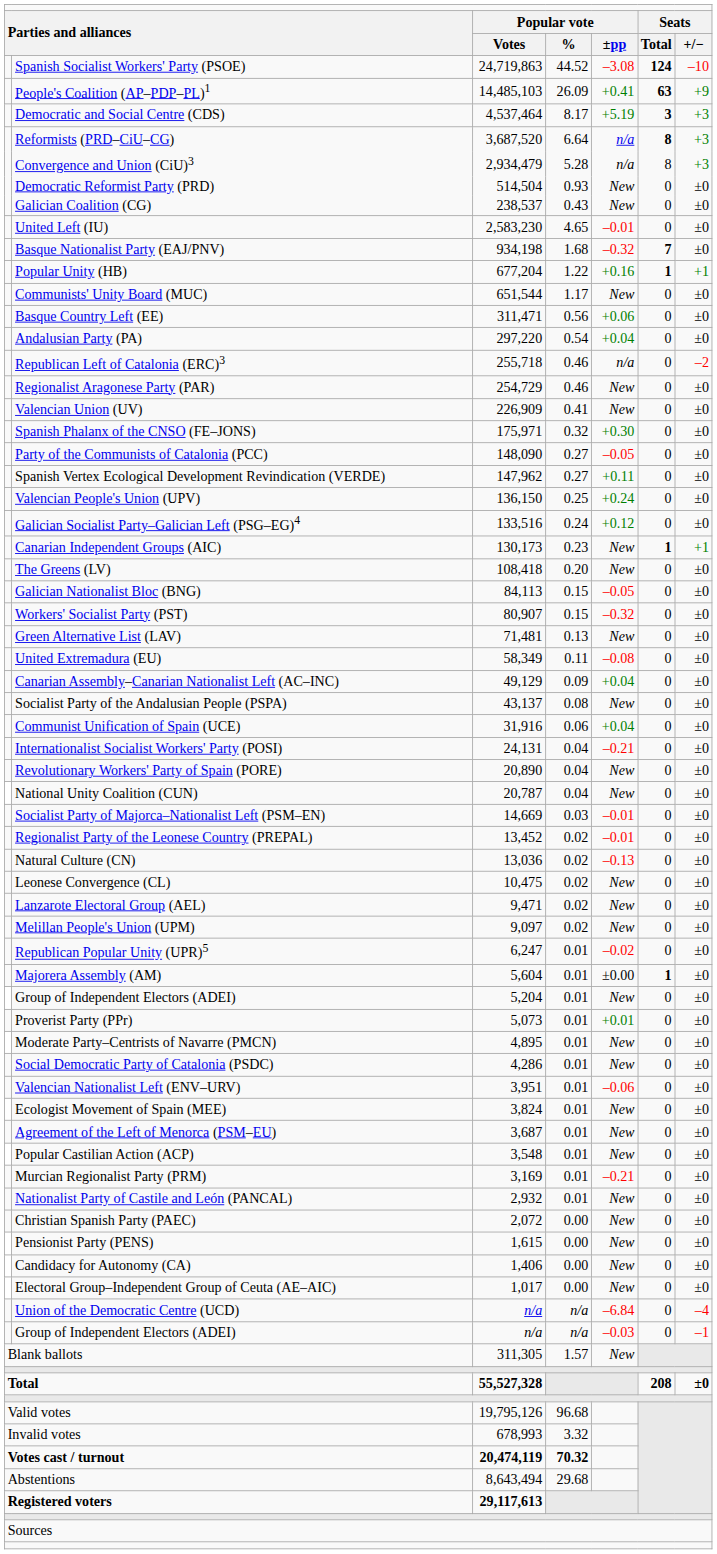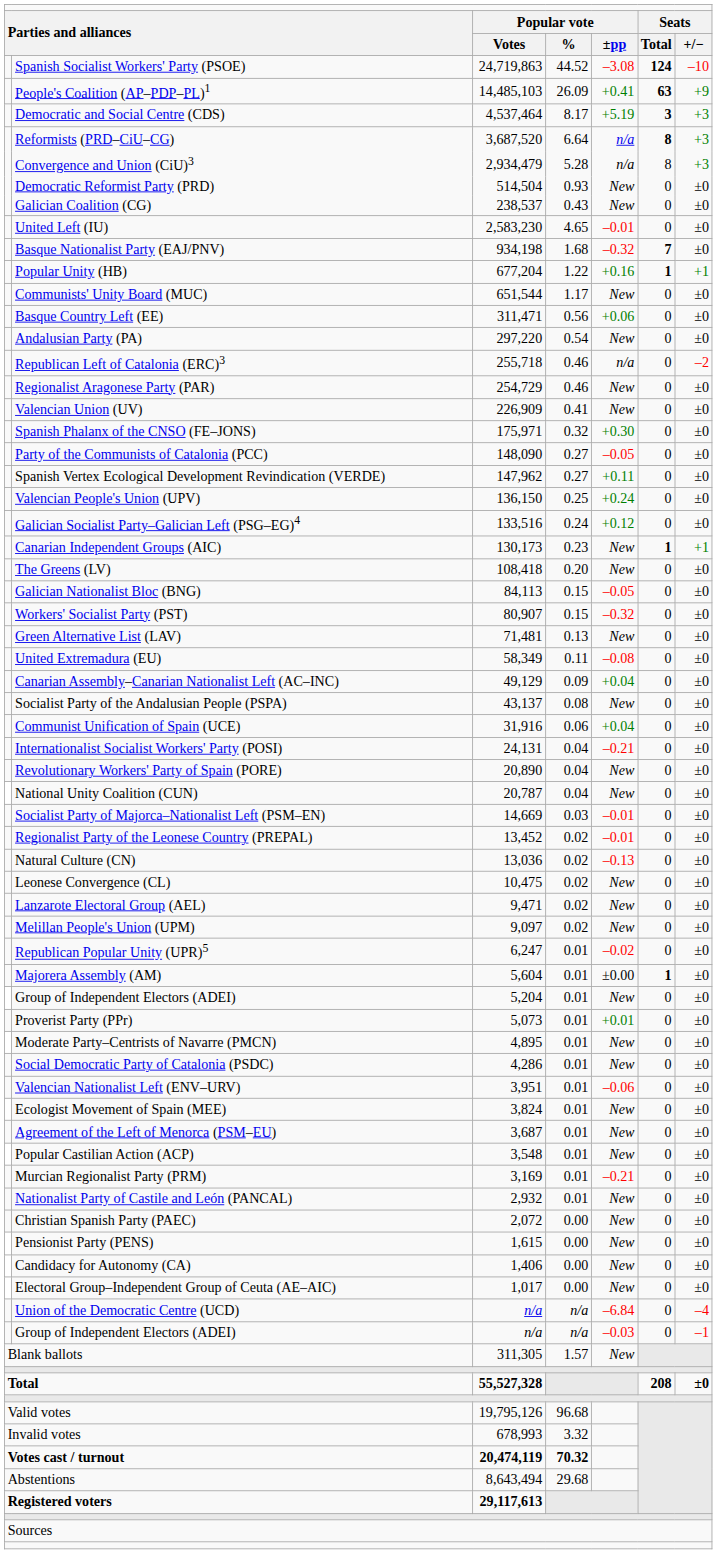 <table class="wikitable" style="text-align:right;">
 <tr>
 <td colspan="7"></td>
 </tr>
 <tr>
 <th style="text-align:left;" rowspan="2" colspan="2" width="525">Parties and alliances</th>
 <th colspan="3">Popular vote</th>
 <th colspan="2">Seats</th>
 </tr>
 <tr>
 <th width="75">Votes</th>
 <th width="45">%</th>
 <th width="45">±<a href='#'>pp</a></th>
 <th width="35">Total</th>
 <th width="35">+/−</th>
 </tr>
 <tr>
 <td width="1" style="color:inherit;background:"></td>
 <td align="left"><a href='#'>Spanish Socialist Workers' Party</a> (PSOE)</td>
 <td>24,719,863</td>
 <td>44.52</td>
 <td style="color:red;">–3.08</td>
 <td><strong>124</strong></td>
 <td style="color:red;">–10</td>
 </tr>
 <tr>
 <td style="color:inherit;background:"></td>
 <td align="left"><a href='#'>People's Coalition</a> (<a href='#'>AP</a>–<a href='#'>PDP</a>–<a href='#'>PL</a>)<sup>1</sup></td>
 <td>14,485,103</td>
 <td>26.09</td>
 <td style="color:green;">+0.41</td>
 <td><strong>63</strong></td>
 <td style="color:green;">+9</td>
 </tr>
 <tr>
 <td style="color:inherit;background:"></td>
 <td align="left"><a href='#'>Democratic and Social Centre</a> (CDS)</td>
 <td>4,537,464</td>
 <td>8.17</td>
 <td style="color:green;">+5.19</td>
 <td><strong>3</strong></td>
 <td style="color:green;">+3</td>
 </tr>
 <tr style="line-height:22px;">
 <td rowspan="4" style="color:inherit;background:"></td>
 <td align="left"><a href='#'>Reformists</a> (<a href='#'>PRD</a>–<a href='#'>CiU</a>–<a href='#'>CG</a>)</td>
 <td>3,687,520</td>
 <td>6.64</td>
 <td><em><a href='#'>n/a</a></em></td>
 <td><strong>8</strong></td>
 <td style="color:green;">+3</td>
 </tr>
 <tr style="border-bottom-style:hidden; border-top-style:hidden; line-height:16px;">
 <td align="left"><span><a href='#'>Convergence and Union</a> (CiU)<sup>3</sup></span></td>
 <td>2,934,479</td>
 <td>5.28</td>
 <td><em>n/a</em></td>
 <td>8</td>
 <td style="color:green;">+3</td>
 </tr>
 <tr style="border-bottom-style:hidden; line-height:16px;">
 <td align="left"><span><a href='#'>Democratic Reformist Party</a> (PRD)</span></td>
 <td>514,504</td>
 <td>0.93</td>
 <td><em>New</em></td>
 <td>0</td>
 <td>±0</td>
 </tr>
 <tr style="line-height:16px;">
 <td align="left"><span><a href='#'>Galician Coalition</a> (CG)</span></td>
 <td>238,537</td>
 <td>0.43</td>
 <td><em>New</em></td>
 <td>0</td>
 <td>±0</td>
 </tr>
 <tr>
 <td style="color:inherit;background:"></td>
 <td align="left"><a href='#'>United Left</a> (IU)</td>
 <td>2,583,230</td>
 <td>4.65</td>
 <td style="color:red;">–0.01</td>
 <td>0</td>
 <td>±0</td>
 </tr>
 <tr>
 <td style="color:inherit;background:"></td>
 <td align="left"><a href='#'>Basque Nationalist Party</a> (EAJ/PNV)</td>
 <td>934,198</td>
 <td>1.68</td>
 <td style="color:red;">–0.32</td>
 <td><strong>7</strong></td>
 <td>±0</td>
 </tr>
 <tr>
 <td style="color:inherit;background:"></td>
 <td align="left"><a href='#'>Popular Unity</a> (HB)</td>
 <td>677,204</td>
 <td>1.22</td>
 <td style="color:green;">+0.16</td>
 <td><strong>1</strong></td>
 <td style="color:green;">+1</td>
 </tr>
 <tr>
 <td style="color:inherit;background:"></td>
 <td align="left"><a href='#'>Communists' Unity Board</a> (MUC)</td>
 <td>651,544</td>
 <td>1.17</td>
 <td><em>New</em></td>
 <td>0</td>
 <td>±0</td>
 </tr>
 <tr>
 <td style="color:inherit;background:"></td>
 <td align="left"><a href='#'>Basque Country Left</a> (EE)</td>
 <td>311,471</td>
 <td>0.56</td>
 <td style="color:green;">+0.06</td>
 <td>0</td>
 <td>±0</td>
 </tr>
 <tr>
 <td style="color:inherit;background:"></td>
 <td align="left"><a href='#'>Andalusian Party</a> (PA)</td>
 <td>297,220</td>
 <td>0.54</td>
-<td style="color:green;">+0.04</td>
+<td><em>New</em></td>
 <td>0</td>
 <td>±0</td>
 </tr>
 <tr>
 <td style="color:inherit;background:"></td>
 <td align="left"><a href='#'>Republican Left of Catalonia</a> (ERC)<sup>3</sup></td>
 <td>255,718</td>
 <td>0.46</td>
 <td><em>n/a</em></td>
 <td>0</td>
 <td style="color:red;">–2</td>
 </tr>
 <tr>
 <td style="color:inherit;background:"></td>
 <td align="left"><a href='#'>Regionalist Aragonese Party</a> (PAR)</td>
 <td>254,729</td>
 <td>0.46</td>
 <td><em>New</em></td>
 <td>0</td>
 <td>±0</td>
 </tr>
 <tr>
 <td style="color:inherit;background:"></td>
 <td align="left"><a href='#'>Valencian Union</a> (UV)</td>
 <td>226,909</td>
 <td>0.41</td>
 <td><em>New</em></td>
 <td>0</td>
 <td>±0</td>
 </tr>
 <tr>
 <td style="color:inherit;background:"></td>
 <td align="left"><a href='#'>Spanish Phalanx of the CNSO</a> (FE–JONS)</td>
 <td>175,971</td>
 <td>0.32</td>
 <td style="color:green;">+0.30</td>
 <td>0</td>
 <td>±0</td>
 </tr>
 <tr>
 <td style="color:inherit;background:"></td>
 <td align="left"><a href='#'>Party of the Communists of Catalonia</a> (PCC)</td>
 <td>148,090</td>
 <td>0.27</td>
 <td style="color:red;">–0.05</td>
 <td>0</td>
 <td>±0</td>
 </tr>
 <tr>
 <td style="color:inherit;background:"></td>
 <td align="left">Spanish Vertex Ecological Development Revindication (VERDE)</td>
 <td>147,962</td>
 <td>0.27</td>
 <td style="color:green;">+0.11</td>
 <td>0</td>
 <td>±0</td>
 </tr>
 <tr>
 <td style="color:inherit;background:"></td>
 <td align="left"><a href='#'>Valencian People's Union</a> (UPV)</td>
 <td>136,150</td>
 <td>0.25</td>
 <td style="color:green;">+0.24</td>
 <td>0</td>
 <td>±0</td>
 </tr>
 <tr>
 <td style="color:inherit;background:"></td>
 <td align="left"><a href='#'>Galician Socialist Party–Galician Left</a> (PSG–EG)<sup>4</sup></td>
 <td>133,516</td>
 <td>0.24</td>
 <td style="color:green;">+0.12</td>
 <td>0</td>
 <td>±0</td>
 </tr>
 <tr>
 <td style="color:inherit;background:"></td>
 <td align="left"><a href='#'>Canarian Independent Groups</a> (AIC)</td>
 <td>130,173</td>
 <td>0.23</td>
 <td><em>New</em></td>
 <td><strong>1</strong></td>
 <td style="color:green;">+1</td>
 </tr>
 <tr>
 <td style="color:inherit;background:"></td>
 <td align="left"><a href='#'>The Greens</a> (LV)</td>
 <td>108,418</td>
 <td>0.20</td>
 <td><em>New</em></td>
 <td>0</td>
 <td>±0</td>
 </tr>
 <tr>
 <td style="color:inherit;background:"></td>
 <td align="left"><a href='#'>Galician Nationalist Bloc</a> (BNG)</td>
 <td>84,113</td>
 <td>0.15</td>
 <td style="color:red;">–0.05</td>
 <td>0</td>
 <td>±0</td>
 </tr>
 <tr>
 <td style="color:inherit;background:"></td>
 <td align="left"><a href='#'>Workers' Socialist Party</a> (PST)</td>
 <td>80,907</td>
 <td>0.15</td>
 <td style="color:red;">–0.32</td>
 <td>0</td>
 <td>±0</td>
 </tr>
 <tr>
 <td style="color:inherit;background:"></td>
 <td align="left"><a href='#'>Green Alternative List</a> (LAV)</td>
 <td>71,481</td>
 <td>0.13</td>
 <td><em>New</em></td>
 <td>0</td>
 <td>±0</td>
 </tr>
 <tr>
 <td style="color:inherit;background:"></td>
 <td align="left"><a href='#'>United Extremadura</a> (EU)</td>
 <td>58,349</td>
 <td>0.11</td>
 <td style="color:red;">–0.08</td>
 <td>0</td>
 <td>±0</td>
 </tr>
 <tr>
 <td style="color:inherit;background:"></td>
 <td align="left"><a href='#'>Canarian Assembly</a>–<a href='#'>Canarian Nationalist Left</a> (AC–INC)</td>
 <td>49,129</td>
 <td>0.09</td>
 <td style="color:green;">+0.04</td>
 <td>0</td>
 <td>±0</td>
 </tr>
 <tr>
 <td style="color:inherit;background:"></td>
 <td align="left">Socialist Party of the Andalusian People (PSPA)</td>
 <td>43,137</td>
 <td>0.08</td>
 <td><em>New</em></td>
 <td>0</td>
 <td>±0</td>
 </tr>
 <tr>
 <td style="color:inherit;background:"></td>
 <td align="left"><a href='#'>Communist Unification of Spain</a> (UCE)</td>
 <td>31,916</td>
 <td>0.06</td>
 <td style="color:green;">+0.04</td>
 <td>0</td>
 <td>±0</td>
 </tr>
 <tr>
 <td style="color:inherit;background:"></td>
 <td align="left"><a href='#'>Internationalist Socialist Workers' Party</a> (POSI)</td>
 <td>24,131</td>
 <td>0.04</td>
 <td style="color:red;">–0.21</td>
 <td>0</td>
 <td>±0</td>
 </tr>
 <tr>
 <td style="color:inherit;background:"></td>
 <td align="left"><a href='#'>Revolutionary Workers' Party of Spain</a> (PORE)</td>
 <td>20,890</td>
 <td>0.04</td>
 <td><em>New</em></td>
 <td>0</td>
 <td>±0</td>
 </tr>
 <tr>
 <td bgcolor="white"></td>
 <td align="left">National Unity Coalition (CUN)</td>
 <td>20,787</td>
 <td>0.04</td>
 <td><em>New</em></td>
 <td>0</td>
 <td>±0</td>
 </tr>
 <tr>
 <td style="color:inherit;background:"></td>
 <td align="left"><a href='#'>Socialist Party of Majorca–Nationalist Left</a> (PSM–EN)</td>
 <td>14,669</td>
 <td>0.03</td>
 <td style="color:red;">–0.01</td>
 <td>0</td>
 <td>±0</td>
 </tr>
 <tr>
 <td style="color:inherit;background:"></td>
 <td align="left"><a href='#'>Regionalist Party of the Leonese Country</a> (PREPAL)</td>
 <td>13,452</td>
 <td>0.02</td>
 <td style="color:red;">–0.01</td>
 <td>0</td>
 <td>±0</td>
 </tr>
 <tr>
 <td style="color:inherit;background:"></td>
 <td align="left">Natural Culture (CN)</td>
 <td>13,036</td>
 <td>0.02</td>
 <td style="color:red;">–0.13</td>
 <td>0</td>
 <td>±0</td>
 </tr>
 <tr>
 <td style="color:inherit;background:"></td>
 <td align="left">Leonese Convergence (CL)</td>
 <td>10,475</td>
 <td>0.02</td>
 <td><em>New</em></td>
 <td>0</td>
 <td>±0</td>
 </tr>
 <tr>
 <td style="color:inherit;background:"></td>
 <td align="left"><a href='#'>Lanzarote Electoral Group</a> (AEL)</td>
 <td>9,471</td>
 <td>0.02</td>
 <td><em>New</em></td>
 <td>0</td>
 <td>±0</td>
 </tr>
 <tr>
 <td style="color:inherit;background:"></td>
 <td align="left"><a href='#'>Melillan People's Union</a> (UPM)</td>
 <td>9,097</td>
 <td>0.02</td>
 <td><em>New</em></td>
 <td>0</td>
 <td>±0</td>
 </tr>
 <tr>
 <td style="color:inherit;background:"></td>
 <td align="left"><a href='#'>Republican Popular Unity</a> (UPR)<sup>5</sup></td>
 <td>6,247</td>
 <td>0.01</td>
 <td style="color:red;">–0.02</td>
 <td>0</td>
 <td>±0</td>
 </tr>
 <tr>
 <td style="color:inherit;background:"></td>
 <td align="left"><a href='#'>Majorera Assembly</a> (AM)</td>
 <td>5,604</td>
 <td>0.01</td>
 <td>±0.00</td>
 <td><strong>1</strong></td>
 <td>±0</td>
 </tr>
 <tr>
 <td bgcolor="white"></td>
 <td align="left">Group of Independent Electors (ADEI)</td>
 <td>5,204</td>
 <td>0.01</td>
 <td><em>New</em></td>
 <td>0</td>
 <td>±0</td>
 </tr>
 <tr>
 <td style="color:inherit;background:"></td>
 <td align="left">Proverist Party (PPr)</td>
 <td>5,073</td>
 <td>0.01</td>
 <td style="color:green;">+0.01</td>
 <td>0</td>
 <td>±0</td>
 </tr>
 <tr>
 <td bgcolor="white"></td>
 <td align="left">Moderate Party–Centrists of Navarre (PMCN)</td>
 <td>4,895</td>
 <td>0.01</td>
 <td><em>New</em></td>
 <td>0</td>
 <td>±0</td>
 </tr>
 <tr>
 <td style="color:inherit;background:"></td>
 <td align="left"><a href='#'>Social Democratic Party of Catalonia</a> (PSDC)</td>
 <td>4,286</td>
 <td>0.01</td>
 <td><em>New</em></td>
 <td>0</td>
 <td>±0</td>
 </tr>
 <tr>
 <td style="color:inherit;background:"></td>
 <td align="left"><a href='#'>Valencian Nationalist Left</a> (ENV–URV)</td>
 <td>3,951</td>
 <td>0.01</td>
 <td style="color:red;">–0.06</td>
 <td>0</td>
 <td>±0</td>
 </tr>
 <tr>
 <td bgcolor="white"></td>
 <td align="left">Ecologist Movement of Spain (MEE)</td>
 <td>3,824</td>
 <td>0.01</td>
 <td><em>New</em></td>
 <td>0</td>
 <td>±0</td>
 </tr>
 <tr>
 <td style="color:inherit;background:"></td>
 <td align="left"><a href='#'>Agreement of the Left of Menorca</a> (<a href='#'>PSM</a>–<a href='#'>EU</a>)</td>
 <td>3,687</td>
 <td>0.01</td>
 <td><em>New</em></td>
 <td>0</td>
 <td>±0</td>
 </tr>
 <tr>
 <td bgcolor="white"></td>
 <td align="left">Popular Castilian Action (ACP)</td>
 <td>3,548</td>
 <td>0.01</td>
 <td><em>New</em></td>
 <td>0</td>
 <td>±0</td>
 </tr>
 <tr>
 <td style="color:inherit;background:"></td>
 <td align="left">Murcian Regionalist Party (PRM)</td>
 <td>3,169</td>
 <td>0.01</td>
 <td style="color:red;">–0.21</td>
 <td>0</td>
 <td>±0</td>
 </tr>
 <tr>
 <td style="color:inherit;background:"></td>
 <td align="left"><a href='#'>Nationalist Party of Castile and León</a> (PANCAL)</td>
 <td>2,932</td>
 <td>0.01</td>
 <td><em>New</em></td>
 <td>0</td>
 <td>±0</td>
 </tr>
 <tr>
 <td style="color:inherit;background:"></td>
 <td align="left">Christian Spanish Party (PAEC)</td>
 <td>2,072</td>
 <td>0.00</td>
 <td><em>New</em></td>
 <td>0</td>
 <td>±0</td>
 </tr>
 <tr>
 <td bgcolor="white"></td>
 <td align="left">Pensionist Party (PENS)</td>
 <td>1,615</td>
 <td>0.00</td>
 <td><em>New</em></td>
 <td>0</td>
 <td>±0</td>
 </tr>
 <tr>
 <td bgcolor="white"></td>
 <td align="left">Candidacy for Autonomy (CA)</td>
 <td>1,406</td>
 <td>0.00</td>
 <td><em>New</em></td>
 <td>0</td>
 <td>±0</td>
 </tr>
 <tr>
 <td bgcolor="white"></td>
 <td align="left">Electoral Group–Independent Group of Ceuta (AE–AIC)</td>
 <td>1,017</td>
 <td>0.00</td>
 <td><em>New</em></td>
 <td>0</td>
 <td>±0</td>
 </tr>
 <tr>
 <td style="color:inherit;background:"></td>
 <td align="left"><a href='#'>Union of the Democratic Centre</a> (UCD)</td>
 <td><em><a href='#'>n/a</a></em></td>
 <td><em>n/a</em></td>
 <td style="color:red;">–6.84</td>
 <td>0</td>
 <td style="color:red;">–4</td>
 </tr>
 <tr>
 <td style="color:inherit;background:"></td>
 <td align="left">Group of Independent Electors (ADEI)</td>
 <td><em>n/a</em></td>
 <td><em>n/a</em></td>
 <td style="color:red;">–0.03</td>
 <td>0</td>
 <td style="color:red;">–1</td>
 </tr>
 <tr>
 <td align="left" colspan="2">Blank ballots</td>
 <td>311,305</td>
 <td>1.57</td>
 <td><em>New</em></td>
 <td bgcolor="#E9E9E9" colspan="2"></td>
 </tr>
 <tr>
 <td colspan="7" bgcolor="#E9E9E9"></td>
 </tr>
 <tr style="font-weight:bold;">
 <td align="left" colspan="2">Total</td>
 <td>55,527,328</td>
 <td bgcolor="#E9E9E9" colspan="2"></td>
 <td>208</td>
 <td>±0</td>
 </tr>
 <tr>
 <td colspan="7" bgcolor="#E9E9E9"></td>
 </tr>
 <tr>
 <td align="left" colspan="2">Valid votes</td>
 <td>19,795,126</td>
 <td>96.68</td>
 <td></td>
 <td bgcolor="#E9E9E9" colspan="2" rowspan="5"></td>
 </tr>
 <tr>
 <td align="left" colspan="2">Invalid votes</td>
 <td>678,993</td>
 <td>3.32</td>
 <td></td>
 </tr>
 <tr style="font-weight:bold;">
 <td align="left" colspan="2">Votes cast / turnout</td>
 <td>20,474,119</td>
 <td>70.32</td>
 <td></td>
 </tr>
 <tr>
 <td align="left" colspan="2">Abstentions</td>
 <td>8,643,494</td>
 <td>29.68</td>
 <td></td>
 </tr>
 <tr style="font-weight:bold;">
 <td align="left" colspan="2">Registered voters</td>
 <td>29,117,613</td>
 <td bgcolor="#E9E9E9" colspan="2"></td>
 </tr>
 <tr>
 <td colspan="7" bgcolor="#E9E9E9"></td>
 </tr>
 <tr>
 <td align="left" colspan="7">Sources</td>
 </tr>
 <tr>
 <td colspan="7" style="text-align:left; max-width:705px;"></td>
 </tr>
 </table>
